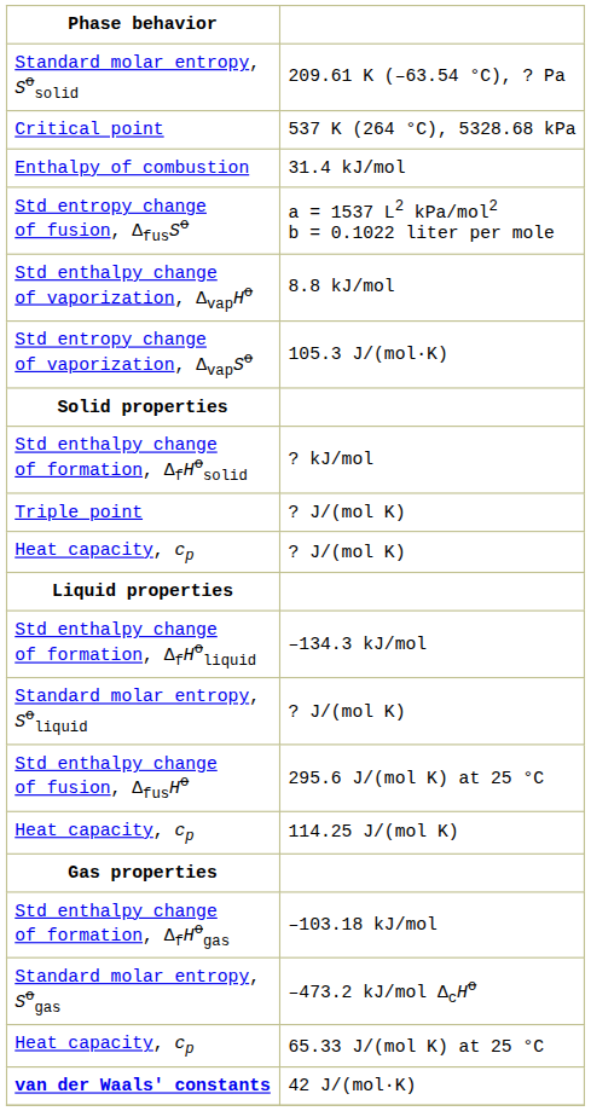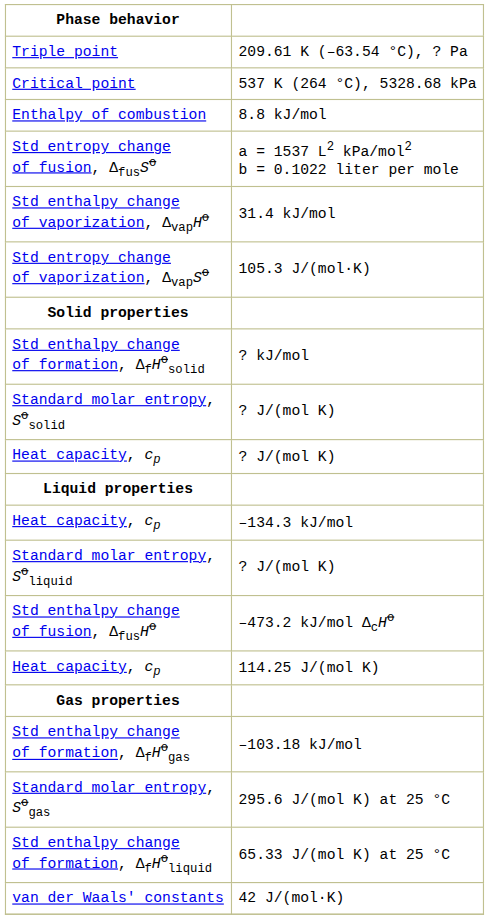 <table border="1" cellspacing="0" cellpadding="6" style="margin: 0 0 0 0.5em; background: #FFFFFF; border-collapse: collapse; border-color: #C0C090;">
 <tr>
 <th>Phase behavior</th>
 </tr>
 <tr>
-<td><a href='#'>Standard molar entropy</a>,<br><em>S</em><sup><s>o</s></sup><sub>solid</sub></td>
+<td><a href='#'>Triple point</a></td>
 <td>209.61 K (–63.54 °C), ? Pa</td>
 </tr>
 <tr>
 <td><a href='#'>Critical point</a></td>
 <td>537 K (264 °C), 5328.68 kPa</td>
 </tr>
 <tr>
 <td><a href='#'>Enthalpy of combustion</a></td>
-<td>31.4	 kJ/mol</td>
+<td>8.8 kJ/mol</td>
 </tr>
 <tr>
 <td><a href='#'>Std entropy change<br>of fusion</a>, Δ<sub>fus</sub><em>S</em><sup><s>o</s></sup></td>
 <td>a = 1537 L<sup>2</sup> kPa/mol<sup>2</sup><br> b = 0.1022 liter per mole</td>
 </tr>
 <tr>
 <td><a href='#'>Std enthalpy change<br>of vaporization</a>, Δ<sub>vap</sub><em>H</em><sup><s>o</s></sup></td>
-<td>8.8 kJ/mol</td>
+<td>31.4	 kJ/mol</td>
 </tr>
 <tr>
 <td><a href='#'>Std entropy change<br>of vaporization</a>, Δ<sub>vap</sub><em>S</em><sup><s>o</s></sup></td>
 <td>105.3 J/(mol·K)</td>
 </tr>
 <tr>
 <th>Solid properties</th>
 </tr>
 <tr>
 <td><a href='#'>Std enthalpy change<br>of formation</a>, Δ<sub>f</sub><em>H</em><sup><s>o</s></sup><sub>solid</sub></td>
 <td>? kJ/mol</td>
 </tr>
 <tr>
-<td><a href='#'>Triple point</a></td>
+<td><a href='#'>Standard molar entropy</a>,<br><em>S</em><sup><s>o</s></sup><sub>solid</sub></td>
 <td>? J/(mol K)</td>
 </tr>
 <tr>
 <td><a href='#'>Heat capacity</a>, <em>c<sub>p</sub></em></td>
 <td>? J/(mol K)</td>
 </tr>
 <tr>
 <th>Liquid properties</th>
 </tr>
 <tr>
-<td><a href='#'>Std enthalpy change<br>of formation</a>, Δ<sub>f</sub><em>H</em><sup><s>o</s></sup><sub>liquid</sub></td>
+<td><a href='#'>Heat capacity</a>, <em>c<sub>p</sub></em></td>
 <td>–134.3 kJ/mol</td>
 </tr>
 <tr>
 <td><a href='#'>Standard molar entropy</a>,<br><em>S</em><sup><s>o</s></sup><sub>liquid</sub></td>
 <td>? J/(mol K)</td>
 </tr>
 <tr>
 <td><a href='#'>Std enthalpy change<br>of fusion</a>, Δ<sub>fus</sub><em>H</em><sup><s>o</s></sup></td>
-<td>295.6 J/(mol K) at 25 °C</td>
+<td>–473.2 kJ/mol Δ<sub>c</sub><em>H</em><sup><s>o</s></sup></td>
 </tr>
 <tr>
 <td><a href='#'>Heat capacity</a>, <em>c<sub>p</sub></em></td>
 <td>114.25 J/(mol K)</td>
 </tr>
 <tr>
 <th>Gas properties</th>
 </tr>
 <tr>
 <td><a href='#'>Std enthalpy change<br>of formation</a>, Δ<sub>f</sub><em>H</em><sup><s>o</s></sup><sub>gas</sub></td>
 <td>–103.18 kJ/mol</td>
 </tr>
 <tr>
 <td><a href='#'>Standard molar entropy</a>,<br><em>S</em><sup><s>o</s></sup><sub>gas</sub></td>
-<td>–473.2 kJ/mol Δ<sub>c</sub><em>H</em><sup><s>o</s></sup></td>
+<td>295.6 J/(mol K) at 25 °C</td>
 </tr>
 <tr>
-<td><a href='#'>Heat capacity</a>, <em>c<sub>p</sub></em></td>
+<td><a href='#'>Std enthalpy change<br>of formation</a>, Δ<sub>f</sub><em>H</em><sup><s>o</s></sup><sub>liquid</sub></td>
 <td>65.33 J/(mol K) at 25 °C</td>
 </tr>
 <tr>
-<td><strong><a href='#'>van der Waals' constants</a></strong></td>
+<td><a href='#'>van der Waals' constants</a></td>
 <td>42 J/(mol·K)</td>
 </tr>
 <tr>
 </tr>
 </table>
